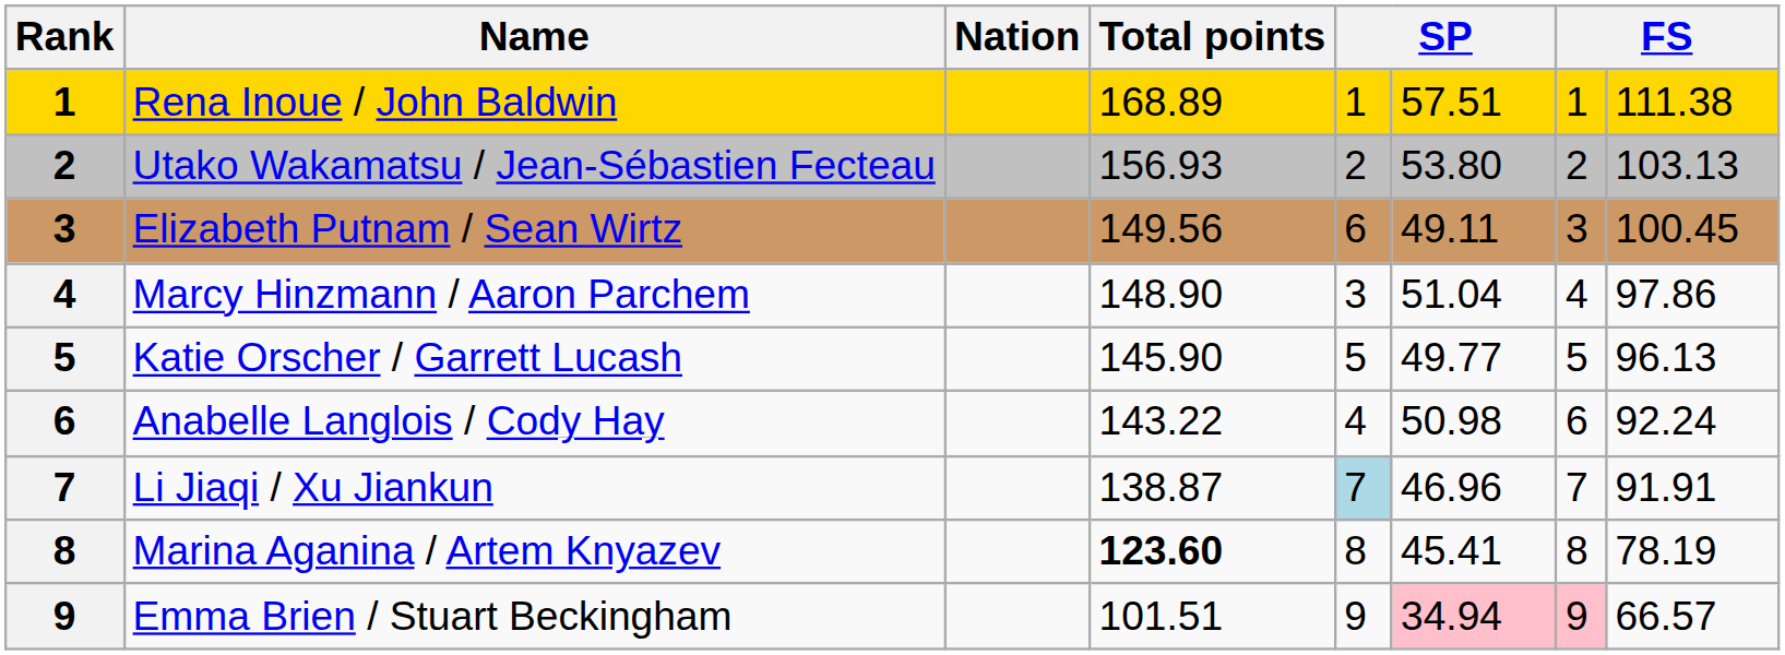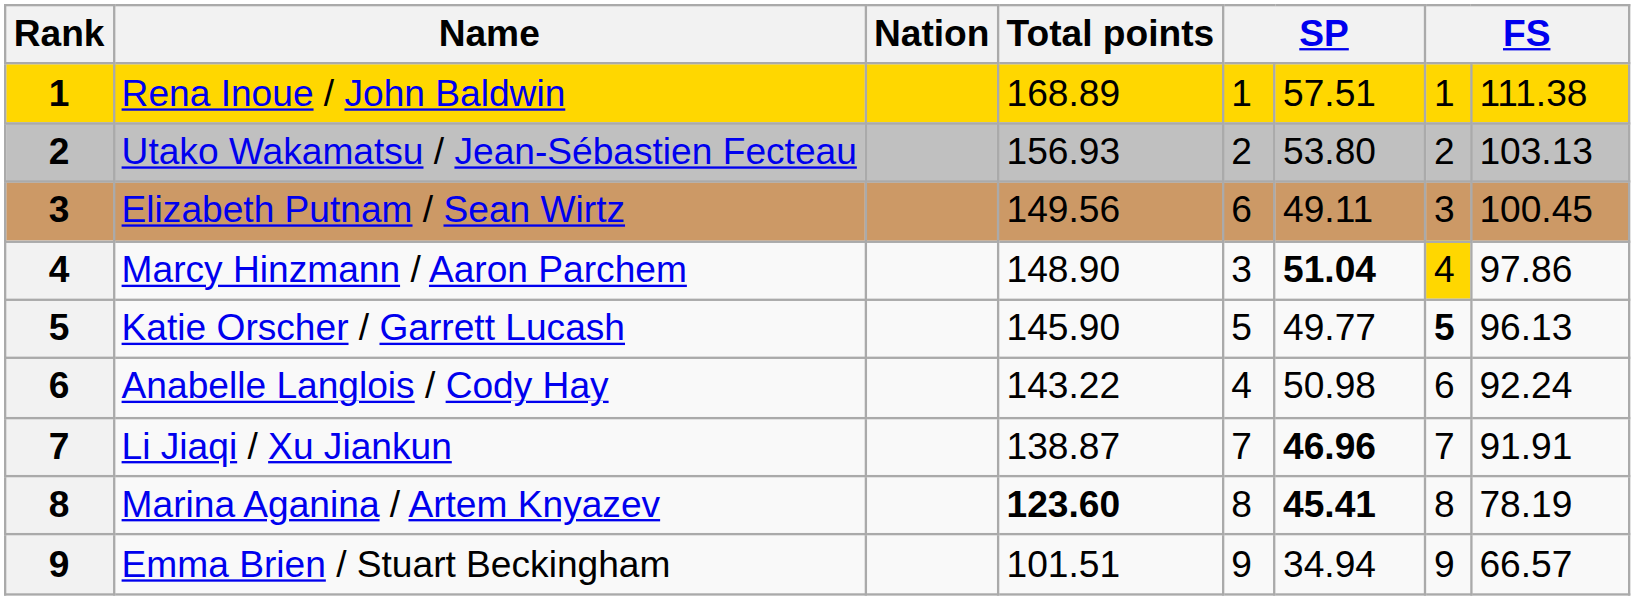 <table class="wikitable">
 <tr>
 <th>Rank</th>
 <th>Name</th>
 <th>Nation</th>
 <th>Total points</th>
 <th colspan="2" width="80px"><a href='#'>SP</a></th>
 <th colspan="2" width="80px"><a href='#'>FS</a></th>
 </tr>
 <tr bgcolor="gold">
 <td align="center"><strong>1</strong></td>
 <td><a href='#'>Rena Inoue</a> / <a href='#'>John Baldwin</a></td>
 <td></td>
 <td>168.89</td>
 <td>1</td>
 <td>57.51</td>
 <td>1</td>
 <td>111.38</td>
 </tr>
 <tr bgcolor="silver">
 <td align="center"><strong>2</strong></td>
 <td><a href='#'>Utako Wakamatsu</a> / <a href='#'>Jean-Sébastien Fecteau</a></td>
 <td></td>
 <td>156.93</td>
 <td>2</td>
 <td>53.80</td>
 <td>2</td>
 <td>103.13</td>
 </tr>
 <tr bgcolor="cc9966">
 <td align="center"><strong>3</strong></td>
 <td><a href='#'>Elizabeth Putnam</a> / <a href='#'>Sean Wirtz</a></td>
 <td></td>
 <td>149.56</td>
 <td>6</td>
 <td>49.11</td>
 <td>3</td>
 <td>100.45</td>
 </tr>
 <tr>
 <th>4</th>
 <td><a href='#'>Marcy Hinzmann</a> / <a href='#'>Aaron Parchem</a></td>
 <td></td>
 <td>148.90</td>
 <td>3</td>
-<td>51.04</td>
-<td>4</td>
+<td><strong>51.04</strong></td>
+<td style="background: gold;">4</td>
 <td>97.86</td>
 </tr>
 <tr>
 <th>5</th>
 <td><a href='#'>Katie Orscher</a> / <a href='#'>Garrett Lucash</a></td>
 <td></td>
 <td>145.90</td>
 <td>5</td>
 <td>49.77</td>
-<td>5</td>
+<td><strong>5</strong></td>
 <td>96.13</td>
 </tr>
 <tr>
 <th>6</th>
 <td><a href='#'>Anabelle Langlois</a> / <a href='#'>Cody Hay</a></td>
 <td></td>
 <td>143.22</td>
 <td>4</td>
 <td>50.98</td>
 <td>6</td>
 <td>92.24</td>
 </tr>
 <tr>
 <th>7</th>
 <td><a href='#'>Li Jiaqi</a> / <a href='#'>Xu Jiankun</a></td>
 <td></td>
 <td>138.87</td>
-<td style="background: lightblue;">7</td>
-<td>46.96</td>
+<td>7</td>
+<td><strong>46.96</strong></td>
 <td>7</td>
 <td>91.91</td>
 </tr>
 <tr>
 <th>8</th>
 <td><a href='#'>Marina Aganina</a> / <a href='#'>Artem Knyazev</a></td>
 <td></td>
 <td><strong>123.60</strong></td>
 <td>8</td>
-<td>45.41</td>
+<td><strong>45.41</strong></td>
 <td>8</td>
 <td>78.19</td>
 </tr>
 <tr>
 <th>9</th>
 <td><a href='#'>Emma Brien</a> / Stuart Beckingham</td>
 <td></td>
 <td>101.51</td>
 <td>9</td>
-<td style="background: pink;">34.94</td>
-<td style="background: pink;">9</td>
+<td>34.94</td>
+<td>9</td>
 <td>66.57</td>
 </tr>
 </table>
